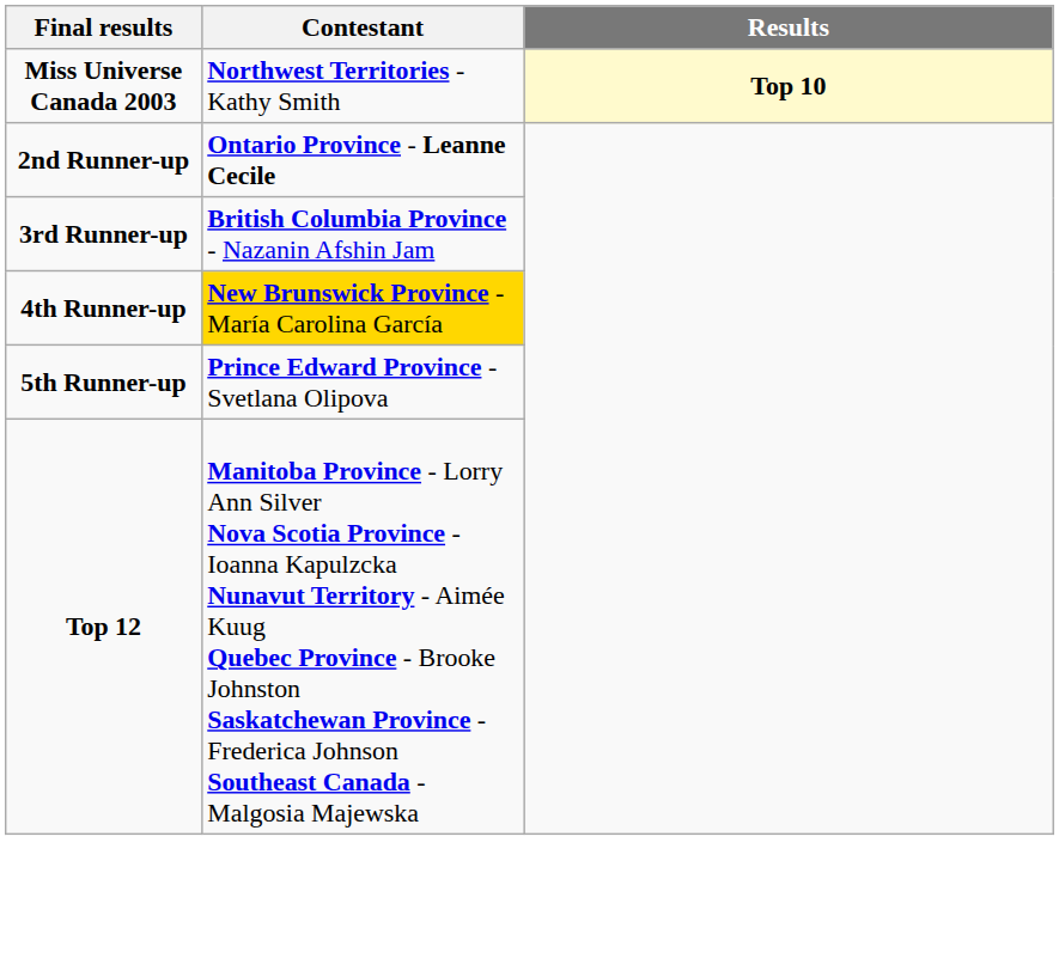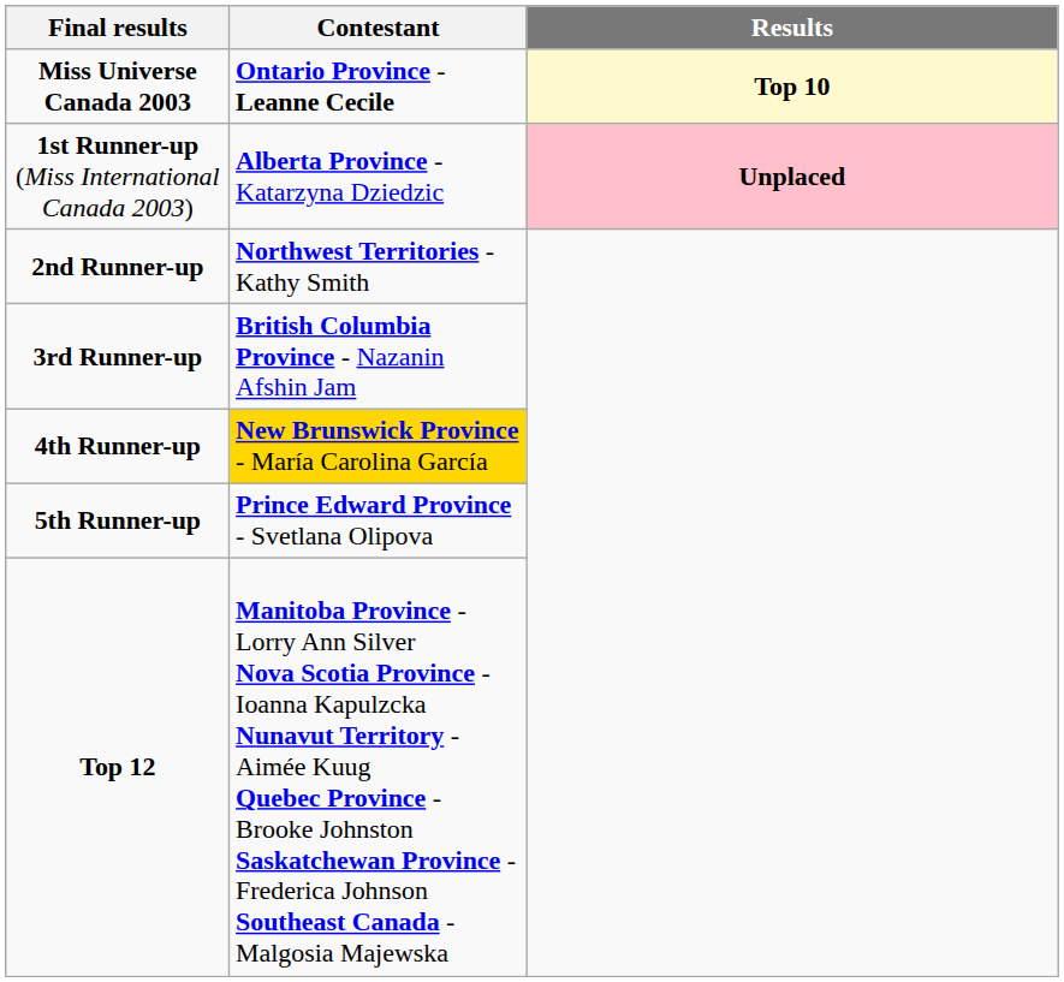 <table class="wikitable sortable" style="font-size: 95%;">
 <tr>
 <th>Final results</th>
 <th>Contestant</th>
 <th width="300" style="background-color:#787878;color:#FFFFFF;">Results</th>
 </tr>
 <tr>
 <td style="text-align:center;"><strong>Miss Universe Canada 2003</strong></td>
-<td> <strong><a href='#'>Northwest Territories</a></strong> - Kathy Smith</td>
+<td> <strong><a href='#'>Ontario Province</a></strong> - <strong>Leanne Cecile</strong></td>
 <th style="background:#FFFACD;">Top 10</th>
 </tr>
 <tr>
+<td style="text-align:center;"><strong>1st Runner-up</strong><br>(<em>Miss International Canada 2003</em>)</td>
+<td> <strong><a href='#'>Alberta Province</a></strong> - <a href='#'>Katarzyna Dziedzic</a></td>
+<th style="background:pink;">Unplaced</th>
+</tr>
+<tr>
 <td style="text-align:center;"><strong>2nd Runner-up</strong></td>
-<td> <strong><a href='#'>Ontario Province</a></strong> - <strong>Leanne Cecile</strong></td>
+<td> <strong><a href='#'>Northwest Territories</a></strong> - Kathy Smith</td>
 </tr>
 <tr>
 <td style="text-align:center;"><strong>3rd Runner-up</strong></td>
 <td> <strong><a href='#'>British Columbia Province</a></strong> - <a href='#'>Nazanin Afshin Jam</a></td>
 </tr>
 <tr>
 <td style="text-align:center;"><strong>4th Runner-up</strong></td>
 <td style="background: gold;"> <strong><a href='#'>New Brunswick Province</a></strong> - María Carolina García</td>
 </tr>
 <tr>
 <td style="text-align:center;"><strong>5th Runner-up</strong></td>
 <td> <strong><a href='#'>Prince Edward Province</a></strong> - Svetlana Olipova</td>
 </tr>
 <tr>
 <td style="text-align:center;"><strong>Top 12</strong></td>
 <td><br> <strong><a href='#'>Manitoba Province</a></strong> - Lorry Ann Silver<br>  <strong><a href='#'>Nova Scotia Province</a></strong> - Ioanna Kapulzcka<br>  <strong><a href='#'>Nunavut Territory</a></strong> - Aimée Kuug<br>  <strong><a href='#'>Quebec Province</a></strong> - Brooke Johnston <br>  <strong><a href='#'>Saskatchewan Province</a></strong> - Frederica Johnson<br>  <strong><a href='#'>Southeast Canada</a></strong> - Malgosia Majewska<br></td>
 </tr>
 </table>
